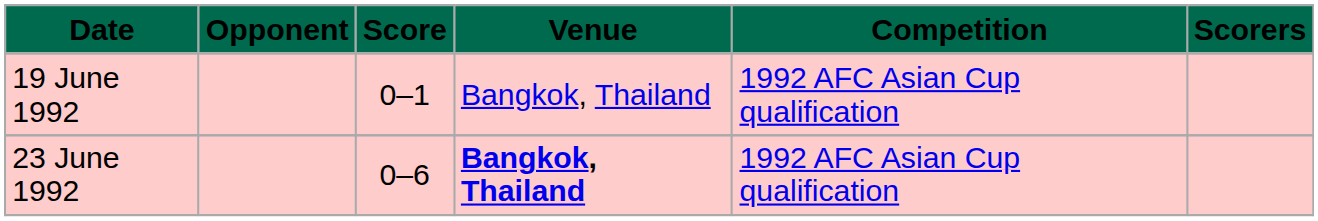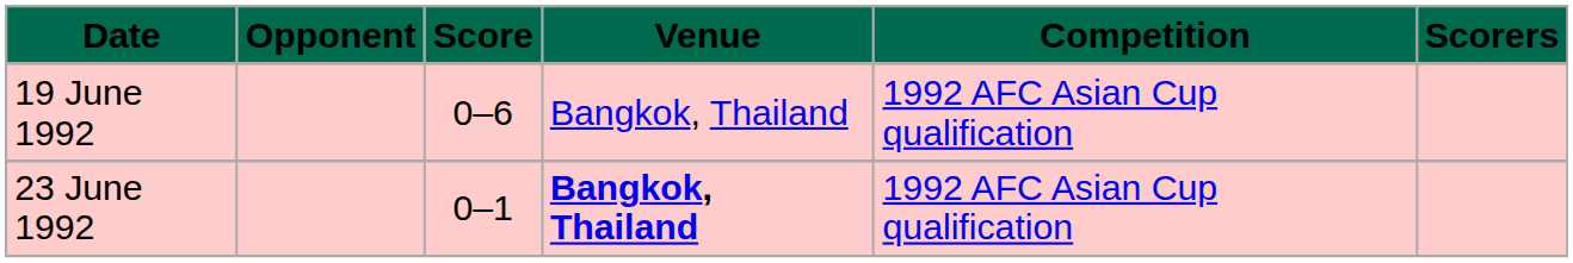 <table class="wikitable" width=100% style="text-align:left;font-size:90%;">
 <tr>
 <th style="background:#006a4e;"><span>Date</span></th>
 <th style="background:#006a4e;"><span>Opponent</span></th>
 <th style="background:#006a4e;"><span>Score</span></th>
 <th style="background:#006a4e;"><span>Venue</span></th>
 <th style="background:#006a4e;"><span>Competition</span></th>
 <th style="background:#006a4e;"><span>Scorers</span></th>
 </tr>
 <tr>
 </tr>
 <tr style="background:#fcc;">
 <td>19 June 1992</td>
 <td></td>
-<td style="text-align: center">0–1</td>
+<td style="text-align: center">0–6</td>
 <td> <a href='#'>Bangkok</a>, <a href='#'>Thailand</a></td>
 <td><a href='#'>1992 AFC Asian Cup qualification</a></td>
 <td></td>
 </tr>
 <tr>
 </tr>
 <tr style="background:#fcc;">
 <td>23 June 1992</td>
 <td></td>
-<td style="text-align: center">0–6</td>
+<td style="text-align: center">0–1</td>
 <td><strong> <a href='#'>Bangkok</a>, <a href='#'>Thailand</a></strong></td>
 <td><a href='#'>1992 AFC Asian Cup qualification</a></td>
 <td></td>
 </tr>
 <tr>
 </tr>
 </table>
